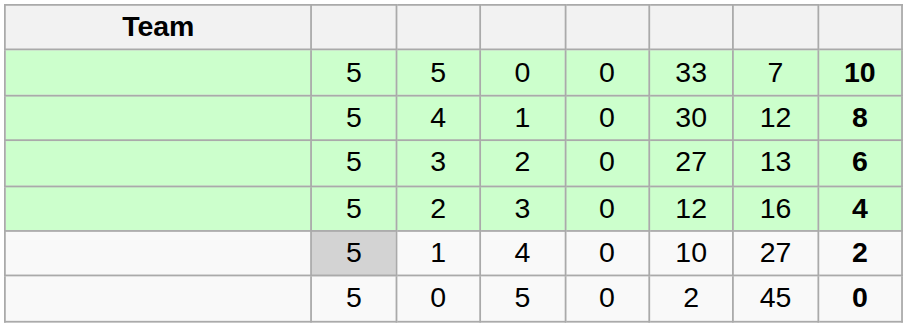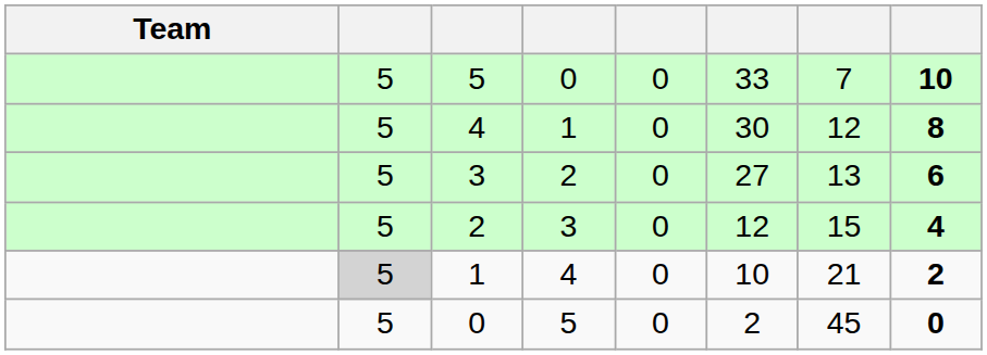 <table class="wikitable" style="text-align:center;">
 <tr>
 <th width=165>Team</th>
 <th width=40></th>
 <th width=40></th>
 <th width=40></th>
 <th width=40></th>
 <th width=40></th>
 <th width=40></th>
 <th width=40></th>
 </tr>
 <tr bgcolor="ccffcc">
 <td style="text-align:left;"></td>
 <td>5</td>
 <td>5</td>
 <td>0</td>
 <td>0</td>
 <td>33</td>
 <td>7</td>
 <td><strong>10</strong></td>
 </tr>
 <tr bgcolor="ccffcc">
 <td style="text-align:left;"></td>
 <td>5</td>
 <td>4</td>
 <td>1</td>
 <td>0</td>
 <td>30</td>
 <td>12</td>
 <td><strong>8</strong></td>
 </tr>
 <tr bgcolor="ccffcc">
 <td style="text-align:left;"></td>
 <td>5</td>
 <td>3</td>
 <td>2</td>
 <td>0</td>
 <td>27</td>
 <td>13</td>
 <td><strong>6</strong></td>
 </tr>
 <tr bgcolor="ccffcc">
 <td style="text-align:left;"></td>
 <td>5</td>
 <td>2</td>
 <td>3</td>
 <td>0</td>
 <td>12</td>
-<td>16</td>
+<td>15</td>
 <td><strong>4</strong></td>
 </tr>
 <tr>
 <td style="text-align:left;"></td>
 <td style="background: lightgrey;">5</td>
 <td>1</td>
 <td>4</td>
 <td>0</td>
 <td>10</td>
-<td>27</td>
+<td>21</td>
 <td><strong>2</strong></td>
 </tr>
 <tr>
 <td style="text-align:left;"></td>
 <td>5</td>
 <td>0</td>
 <td>5</td>
 <td>0</td>
 <td>2</td>
 <td>45</td>
 <td><strong>0</strong></td>
 </tr>
 </table>
